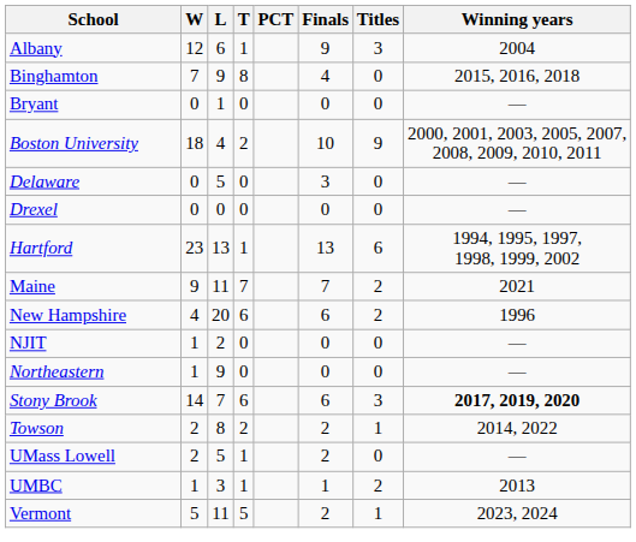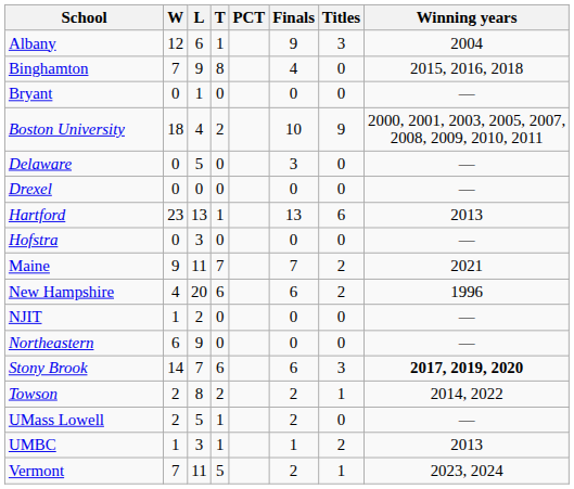 <table class="wikitable sortable" style="text-align:center">
 <tr>
 <th width=150px>School</th>
 <th width=px>W</th>
 <th width=px>L</th>
 <th width=px>T</th>
 <th width=px>PCT</th>
 <th width=px>Finals</th>
 <th width=px>Titles</th>
 <th width=px>Winning years</th>
 </tr>
 <tr>
 <td align=left><a href='#'>Albany</a></td>
 <td>12</td>
 <td>6</td>
 <td>1</td>
 <td></td>
 <td>9</td>
 <td>3</td>
 <td>2004</td>
 </tr>
 <tr>
 <td align=left><a href='#'>Binghamton</a></td>
 <td>7</td>
 <td>9</td>
 <td>8</td>
 <td></td>
 <td>4</td>
 <td>0</td>
 <td>2015, 2016, 2018</td>
 </tr>
 <tr>
 <td align=left><a href='#'>Bryant</a></td>
 <td>0</td>
 <td>1</td>
 <td>0</td>
 <td></td>
 <td>0</td>
 <td>0</td>
 <td>—</td>
 </tr>
 <tr>
 <td align=left><em><a href='#'>Boston University</a></em></td>
 <td>18</td>
 <td>4</td>
 <td>2</td>
 <td></td>
 <td>10</td>
 <td>9</td>
 <td>2000, 2001, 2003, 2005, 2007,<br>2008, 2009, 2010, 2011</td>
 </tr>
 <tr>
 <td align=left><em><a href='#'>Delaware</a></em></td>
 <td>0</td>
 <td>5</td>
 <td>0</td>
 <td></td>
 <td>3</td>
 <td>0</td>
 <td>—</td>
 </tr>
 <tr>
 <td align=left><em><a href='#'>Drexel</a></em></td>
 <td>0</td>
 <td>0</td>
 <td>0</td>
 <td></td>
 <td>0</td>
 <td>0</td>
 <td>—</td>
 </tr>
 <tr>
 <td align=left><em><a href='#'>Hartford</a></em></td>
 <td>23</td>
 <td>13</td>
 <td>1</td>
 <td></td>
 <td>13</td>
 <td>6</td>
-<td>1994, 1995, 1997,<br>1998, 1999, 2002</td>
+<td>2013</td>
+</tr>
+<tr>
+<td align=left><em><a href='#'>Hofstra</a></em></td>
+<td>0</td>
+<td>3</td>
+<td>0</td>
+<td></td>
+<td>0</td>
+<td>0</td>
+<td>—</td>
 </tr>
 <tr>
 <td align=left><a href='#'>Maine</a></td>
 <td>9</td>
 <td>11</td>
 <td>7</td>
 <td></td>
 <td>7</td>
 <td>2</td>
 <td>2021</td>
 </tr>
 <tr>
 <td align=left><a href='#'>New Hampshire</a></td>
 <td>4</td>
 <td>20</td>
 <td>6</td>
 <td></td>
 <td>6</td>
 <td>2</td>
 <td>1996</td>
 </tr>
 <tr>
 <td align=left><a href='#'>NJIT</a></td>
 <td>1</td>
 <td>2</td>
 <td>0</td>
 <td></td>
 <td>0</td>
 <td>0</td>
 <td>—</td>
 </tr>
 <tr>
 <td align=left><em><a href='#'>Northeastern</a></em></td>
-<td>1</td>
+<td>6</td>
 <td>9</td>
 <td>0</td>
 <td></td>
 <td>0</td>
 <td>0</td>
 <td>—</td>
 </tr>
 <tr>
 <td align=left><em><a href='#'>Stony Brook</a></em></td>
 <td>14</td>
 <td>7</td>
 <td>6</td>
 <td></td>
 <td>6</td>
 <td>3</td>
 <td><strong>2017, 2019, 2020</strong></td>
 </tr>
 <tr>
 <td align=left><em><a href='#'>Towson</a></em></td>
 <td>2</td>
 <td>8</td>
 <td>2</td>
 <td></td>
 <td>2</td>
 <td>1</td>
 <td>2014, 2022</td>
 </tr>
 <tr>
 <td align=left><a href='#'>UMass Lowell</a></td>
 <td>2</td>
 <td>5</td>
 <td>1</td>
 <td></td>
 <td>2</td>
 <td>0</td>
 <td>—</td>
 </tr>
 <tr>
 <td align=left><a href='#'>UMBC</a></td>
 <td>1</td>
 <td>3</td>
 <td>1</td>
 <td></td>
 <td>1</td>
 <td>2</td>
 <td>2013</td>
 </tr>
 <tr>
 <td align=left><a href='#'>Vermont</a></td>
-<td>5</td>
+<td>7</td>
 <td>11</td>
 <td>5</td>
 <td></td>
 <td>2</td>
 <td>1</td>
 <td>2023, 2024</td>
 </tr>
 </table>
